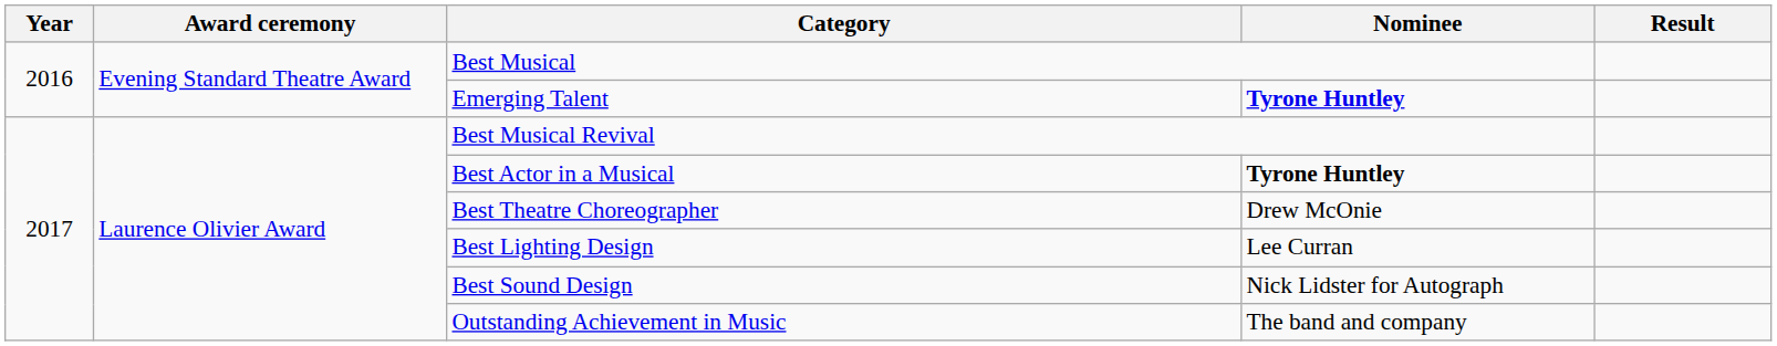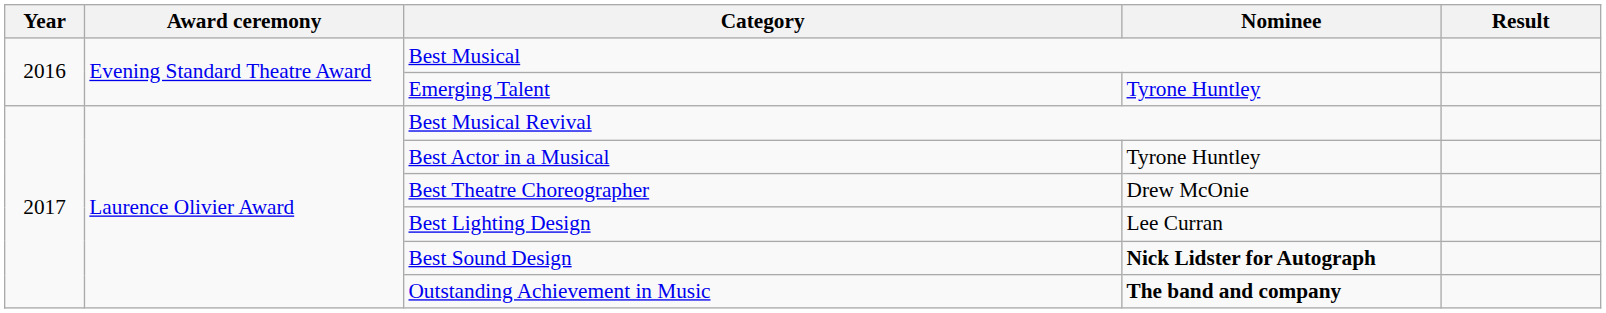 <table class="wikitable" style="width:95%">
 <tr>
 <th style="width:5%;">Year</th>
 <th style="width:20%;">Award ceremony</th>
 <th style="width:45%;">Category</th>
 <th style="width:20%;">Nominee</th>
 <th style="width:10%;">Result</th>
 </tr>
 <tr>
 <td rowspan=2 style="text-align:center;">2016</td>
 <td rowspan=2><a href='#'>Evening Standard Theatre Award</a></td>
 <td colspan=2><a href='#'>Best Musical</a></td>
 <td></td>
 </tr>
 <tr>
 <td><a href='#'>Emerging Talent</a></td>
-<td><strong><a href='#'>Tyrone Huntley</a></strong></td>
+<td><a href='#'>Tyrone Huntley</a></td>
 <td></td>
 </tr>
 <tr>
 <td rowspan=6 style="text-align:center;">2017</td>
 <td rowspan=6><a href='#'>Laurence Olivier Award</a></td>
 <td colspan=2><a href='#'>Best Musical Revival</a></td>
 <td></td>
 </tr>
 <tr>
 <td><a href='#'>Best Actor in a Musical</a></td>
-<td><strong>Tyrone Huntley</strong></td>
+<td>Tyrone Huntley</td>
 <td></td>
 </tr>
 <tr>
 <td><a href='#'>Best Theatre Choreographer</a></td>
 <td>Drew McOnie</td>
 <td></td>
 </tr>
 <tr>
 <td><a href='#'>Best Lighting Design</a></td>
 <td>Lee Curran</td>
 <td></td>
 </tr>
 <tr>
 <td><a href='#'>Best Sound Design</a></td>
-<td>Nick Lidster for Autograph</td>
+<td><strong>Nick Lidster for Autograph</strong></td>
 <td></td>
 </tr>
 <tr>
 <td><a href='#'>Outstanding Achievement in Music</a></td>
-<td>The band and company</td>
+<td><strong>The band and company</strong></td>
 <td></td>
 </tr>
 </table>
